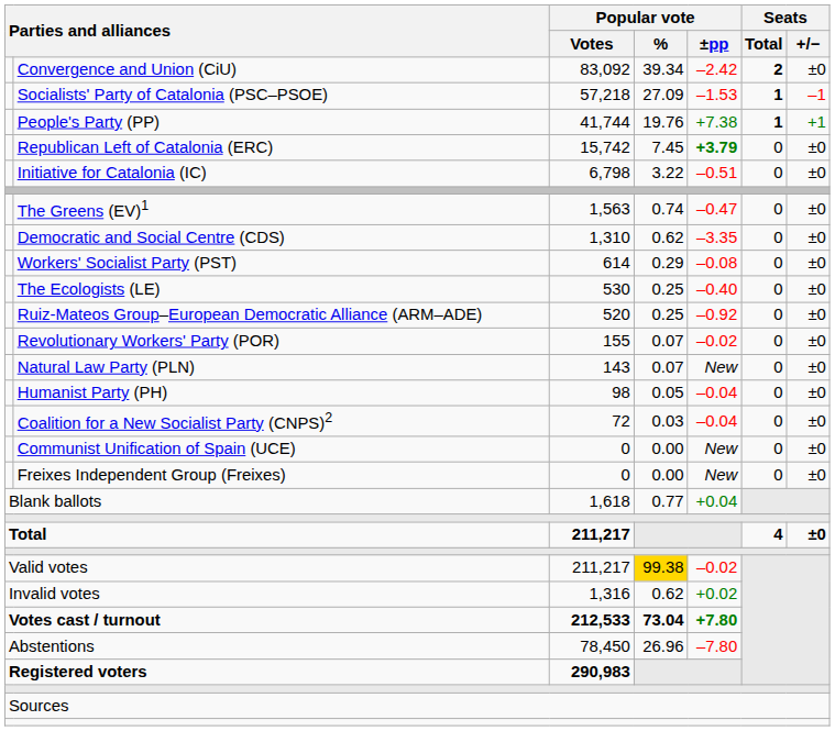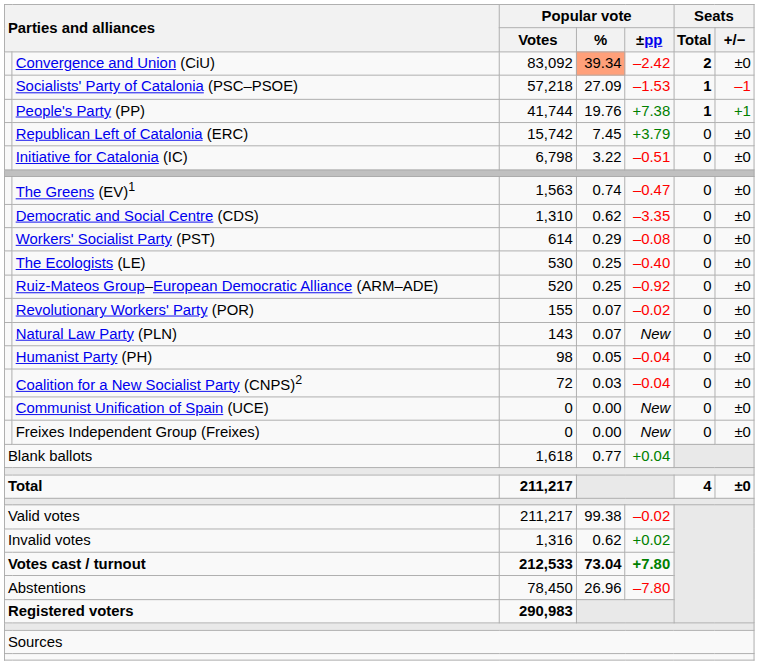 <table class="wikitable" style="text-align:right;">
 <tr>
 <th style="text-align:left;" rowspan="2" colspan="2" width="525">Parties and alliances</th>
 <th colspan="3">Popular vote</th>
 <th colspan="2">Seats</th>
 </tr>
 <tr>
 <th width="75">Votes</th>
 <th width="45">%</th>
 <th width="45">±<a href='#'>pp</a></th>
 <th width="35">Total</th>
 <th width="35">+/−</th>
 </tr>
 <tr>
 <td width="1" style="color:inherit;background:"></td>
 <td align="left"><a href='#'>Convergence and Union</a> (CiU)</td>
 <td>83,092</td>
-<td>39.34</td>
+<td style="background: lightsalmon;">39.34</td>
 <td style="color:red;">–2.42</td>
 <td><strong>2</strong></td>
 <td>±0</td>
 </tr>
 <tr>
 <td style="color:inherit;background:"></td>
 <td align="left"><a href='#'>Socialists' Party of Catalonia</a> (PSC–PSOE)</td>
 <td>57,218</td>
 <td>27.09</td>
 <td style="color:red;">–1.53</td>
 <td><strong>1</strong></td>
 <td style="color:red;">–1</td>
 </tr>
 <tr>
 <td style="color:inherit;background:"></td>
 <td align="left"><a href='#'>People's Party</a> (PP)</td>
 <td>41,744</td>
 <td>19.76</td>
 <td style="color:green;">+7.38</td>
 <td><strong>1</strong></td>
 <td style="color:green;">+1</td>
 </tr>
 <tr>
 <td style="color:inherit;background:"></td>
 <td align="left"><a href='#'>Republican Left of Catalonia</a> (ERC)</td>
 <td>15,742</td>
 <td>7.45</td>
-<td style="color:green;"><strong>+3.79</strong></td>
+<td style="color:green;">+3.79</td>
 <td>0</td>
 <td>±0</td>
 </tr>
 <tr>
 <td style="color:inherit;background:"></td>
 <td align="left"><a href='#'>Initiative for Catalonia</a> (IC)</td>
 <td>6,798</td>
 <td>3.22</td>
 <td style="color:red;">–0.51</td>
 <td>0</td>
 <td>±0</td>
 </tr>
 <tr>
 <td colspan="7" bgcolor="#C0C0C0"></td>
 </tr>
 <tr>
 <td style="color:inherit;background:"></td>
 <td align="left"><a href='#'>The Greens</a> (EV)<sup>1</sup></td>
 <td>1,563</td>
 <td>0.74</td>
 <td style="color:red;">–0.47</td>
 <td>0</td>
 <td>±0</td>
 </tr>
 <tr>
 <td style="color:inherit;background:"></td>
 <td align="left"><a href='#'>Democratic and Social Centre</a> (CDS)</td>
 <td>1,310</td>
 <td>0.62</td>
 <td style="color:red;">–3.35</td>
 <td>0</td>
 <td>±0</td>
 </tr>
 <tr>
 <td style="color:inherit;background:"></td>
 <td align="left"><a href='#'>Workers' Socialist Party</a> (PST)</td>
 <td>614</td>
 <td>0.29</td>
 <td style="color:red;">–0.08</td>
 <td>0</td>
 <td>±0</td>
 </tr>
 <tr>
 <td style="color:inherit;background:"></td>
 <td align="left"><a href='#'>The Ecologists</a> (LE)</td>
 <td>530</td>
 <td>0.25</td>
 <td style="color:red;">–0.40</td>
 <td>0</td>
 <td>±0</td>
 </tr>
 <tr>
 <td style="color:inherit;background:"></td>
 <td align="left"><a href='#'>Ruiz-Mateos Group</a>–<a href='#'>European Democratic Alliance</a> (ARM–ADE)</td>
 <td>520</td>
 <td>0.25</td>
 <td style="color:red;">–0.92</td>
 <td>0</td>
 <td>±0</td>
 </tr>
 <tr>
 <td style="color:inherit;background:"></td>
 <td align="left"><a href='#'>Revolutionary Workers' Party</a> (POR)</td>
 <td>155</td>
 <td>0.07</td>
 <td style="color:red;">–0.02</td>
 <td>0</td>
 <td>±0</td>
 </tr>
 <tr>
 <td style="color:inherit;background:"></td>
 <td align="left"><a href='#'>Natural Law Party</a> (PLN)</td>
 <td>143</td>
 <td>0.07</td>
 <td><em>New</em></td>
 <td>0</td>
 <td>±0</td>
 </tr>
 <tr>
 <td style="color:inherit;background:"></td>
 <td align="left"><a href='#'>Humanist Party</a> (PH)</td>
 <td>98</td>
 <td>0.05</td>
 <td style="color:red;">–0.04</td>
 <td>0</td>
 <td>±0</td>
 </tr>
 <tr>
 <td style="color:inherit;background:"></td>
 <td align="left"><a href='#'>Coalition for a New Socialist Party</a> (CNPS)<sup>2</sup></td>
 <td>72</td>
 <td>0.03</td>
 <td style="color:red;">–0.04</td>
 <td>0</td>
 <td>±0</td>
 </tr>
 <tr>
 <td style="color:inherit;background:"></td>
 <td align="left"><a href='#'>Communist Unification of Spain</a> (UCE)</td>
 <td>0</td>
 <td>0.00</td>
 <td><em>New</em></td>
 <td>0</td>
 <td>±0</td>
 </tr>
 <tr>
 <td style="color:inherit;background:"></td>
 <td align="left">Freixes Independent Group (Freixes)</td>
 <td>0</td>
 <td>0.00</td>
 <td><em>New</em></td>
 <td>0</td>
 <td>±0</td>
 </tr>
 <tr>
 <td align="left" colspan="2">Blank ballots</td>
 <td>1,618</td>
 <td>0.77</td>
 <td style="color:green;">+0.04</td>
 <td bgcolor="#E9E9E9" colspan="2"></td>
 </tr>
 <tr>
 <td colspan="7" bgcolor="#E9E9E9"></td>
 </tr>
 <tr style="font-weight:bold;">
 <td align="left" colspan="2">Total</td>
 <td>211,217</td>
 <td bgcolor="#E9E9E9" colspan="2"></td>
 <td>4</td>
 <td>±0</td>
 </tr>
 <tr>
 <td colspan="7" bgcolor="#E9E9E9"></td>
 </tr>
 <tr>
 <td align="left" colspan="2">Valid votes</td>
 <td>211,217</td>
-<td style="background: gold;">99.38</td>
+<td>99.38</td>
 <td style="color:red;">–0.02</td>
 <td bgcolor="#E9E9E9" colspan="2" rowspan="5"></td>
 </tr>
 <tr>
 <td align="left" colspan="2">Invalid votes</td>
 <td>1,316</td>
 <td>0.62</td>
 <td style="color:green;">+0.02</td>
 </tr>
 <tr style="font-weight:bold;">
 <td align="left" colspan="2">Votes cast / turnout</td>
 <td>212,533</td>
 <td>73.04</td>
 <td style="color:green;">+7.80</td>
 </tr>
 <tr>
 <td align="left" colspan="2">Abstentions</td>
 <td>78,450</td>
 <td>26.96</td>
 <td style="color:red;">–7.80</td>
 </tr>
 <tr style="font-weight:bold;">
 <td align="left" colspan="2">Registered voters</td>
 <td>290,983</td>
 <td bgcolor="#E9E9E9" colspan="2"></td>
 </tr>
 <tr>
 <td colspan="7" bgcolor="#E9E9E9"></td>
 </tr>
 <tr>
 <td align="left" colspan="7">Sources</td>
 </tr>
 <tr>
 <td colspan="7" style="text-align:left; max-width:790px;"></td>
 </tr>
 </table>
